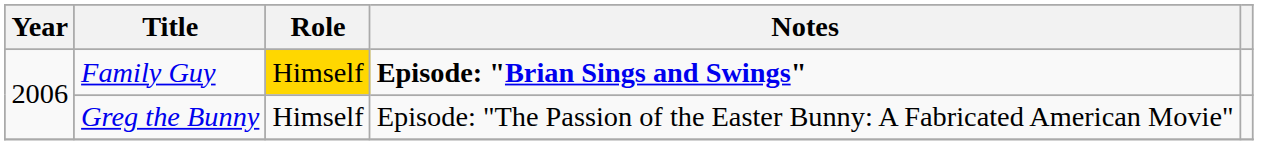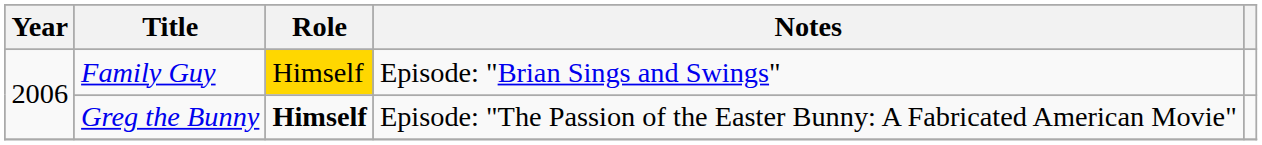 <table class="wikitable sortable">
 <tr>
 <th>Year</th>
 <th>Title</th>
 <th>Role</th>
 <th class=unsortable>Notes</th>
 <th class=unsortable></th>
 </tr>
 <tr>
 <td rowspan=2>2006</td>
 <td><em><a href='#'>Family Guy</a></em></td>
 <td style="background: gold;">Himself</td>
-<td><strong>Episode: "<a href='#'>Brian Sings and Swings</a>"</strong></td>
+<td>Episode: "<a href='#'>Brian Sings and Swings</a>"</td>
 <td></td>
 </tr>
 <tr>
 <td><em><a href='#'>Greg the Bunny</a></em></td>
-<td>Himself</td>
+<td><strong>Himself</strong></td>
 <td>Episode: "The Passion of the Easter Bunny: A Fabricated American Movie"</td>
 <td></td>
 </tr>
 <tr>
 </tr>
 </table>
